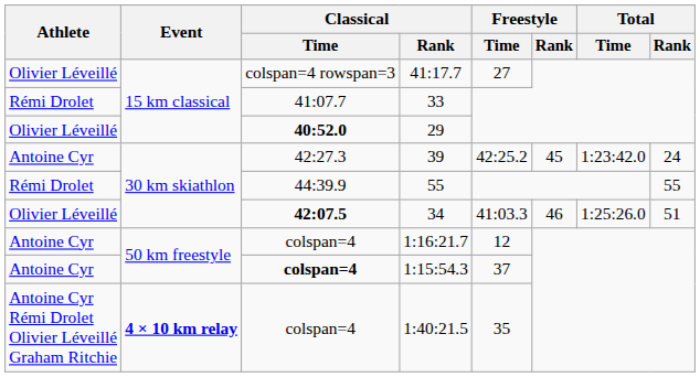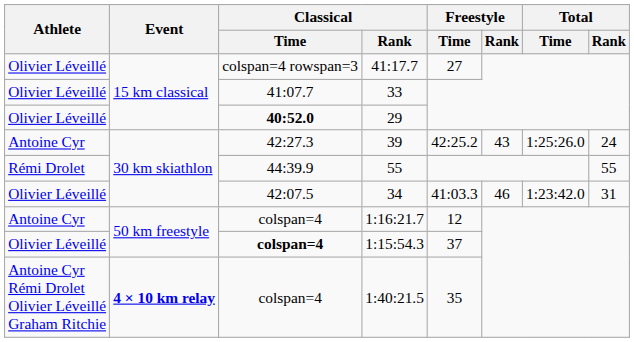 <table class=wikitable style=font-size:90%;text-align:center>
 <tr>
 <th rowspan=2>Athlete</th>
 <th rowspan=2>Event</th>
 <th colspan=2>Classical</th>
 <th colspan=2>Freestyle</th>
 <th colspan=2>Total</th>
 </tr>
 <tr style=font-size:95%>
 <th>Time</th>
 <th>Rank</th>
 <th>Time</th>
 <th>Rank</th>
 <th>Time</th>
 <th>Rank</th>
 </tr>
 <tr>
 <td align=left><a href='#'>Olivier Léveillé</a></td>
 <td align=left rowspan=3><a href='#'>15 km classical</a></td>
 <td>colspan=4 rowspan=3 </td>
 <td>41:17.7</td>
 <td>27</td>
 </tr>
 <tr>
-<td align=left><a href='#'>Rémi Drolet</a></td>
+<td align=left><a href='#'>Olivier Léveillé</a></td>
 <td>41:07.7</td>
 <td>33</td>
 </tr>
 <tr>
 <td align=left><a href='#'>Olivier Léveillé</a></td>
 <td><strong>40:52.0</strong></td>
 <td>29</td>
 </tr>
 <tr>
 <td align=left><a href='#'>Antoine Cyr</a></td>
 <td align=left rowspan=3><a href='#'>30 km skiathlon</a></td>
 <td>42:27.3</td>
 <td>39</td>
 <td>42:25.2</td>
-<td>45</td>
-<td>1:23:42.0</td>
+<td>43</td>
+<td>1:25:26.0</td>
 <td>24</td>
 </tr>
 <tr>
 <td align=left><a href='#'>Rémi Drolet</a></td>
 <td>44:39.9</td>
 <td>55</td>
 <td colspan=3></td>
 <td>55</td>
 </tr>
 <tr>
 <td align=left><a href='#'>Olivier Léveillé</a></td>
-<td><strong>42:07.5</strong></td>
+<td>42:07.5</td>
 <td>34</td>
 <td>41:03.3</td>
 <td>46</td>
-<td>1:25:26.0</td>
-<td>51</td>
+<td>1:23:42.0</td>
+<td>31</td>
 </tr>
 <tr>
 <td align=left><a href='#'>Antoine Cyr</a></td>
 <td align=left rowspan=2><a href='#'>50 km freestyle</a></td>
 <td>colspan=4 </td>
 <td>1:16:21.7</td>
 <td>12</td>
 </tr>
 <tr>
-<td align=left><a href='#'>Antoine Cyr</a></td>
+<td align=left><a href='#'>Olivier Léveillé</a></td>
 <td><strong>colspan=4 </strong></td>
 <td>1:15:54.3</td>
 <td>37</td>
 </tr>
 <tr>
 <td align=left><a href='#'>Antoine Cyr</a><br><a href='#'>Rémi Drolet</a><br><a href='#'>Olivier Léveillé</a><br><a href='#'>Graham Ritchie</a></td>
 <td align=left><strong><a href='#'>4 × 10 km relay</a></strong></td>
 <td>colspan=4 </td>
 <td>1:40:21.5</td>
 <td>35</td>
 </tr>
 </table>
